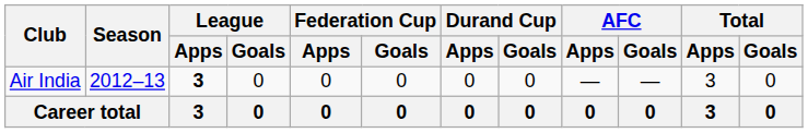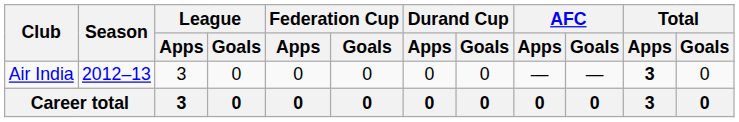 <table class="wikitable" style="font-size:90%; text-align:center;">
 <tr>
 <th rowspan="2">Club</th>
 <th rowspan="2">Season</th>
 <th colspan="2">League</th>
 <th colspan="2">Federation Cup</th>
 <th colspan="2">Durand Cup</th>
 <th colspan="2"><a href='#'>AFC</a></th>
 <th colspan="2">Total</th>
 </tr>
 <tr>
 <th>Apps</th>
 <th>Goals</th>
 <th>Apps</th>
 <th>Goals</th>
 <th>Apps</th>
 <th>Goals</th>
 <th>Apps</th>
 <th>Goals</th>
 <th>Apps</th>
 <th>Goals</th>
 </tr>
 <tr>
 <td rowspan="1"><a href='#'>Air India</a></td>
 <td><a href='#'>2012–13</a></td>
-<td><strong>3</strong></td>
+<td>3</td>
 <td>0</td>
 <td>0</td>
 <td>0</td>
 <td>0</td>
 <td>0</td>
 <td>—</td>
 <td>—</td>
-<td>3</td>
+<td><strong>3</strong></td>
 <td>0</td>
 </tr>
 <tr>
 <th colspan="2">Career total</th>
 <th>3</th>
 <th>0</th>
 <th>0</th>
 <th>0</th>
 <th>0</th>
 <th>0</th>
 <th>0</th>
 <th>0</th>
 <th>3</th>
 <th>0</th>
 </tr>
 </table>
